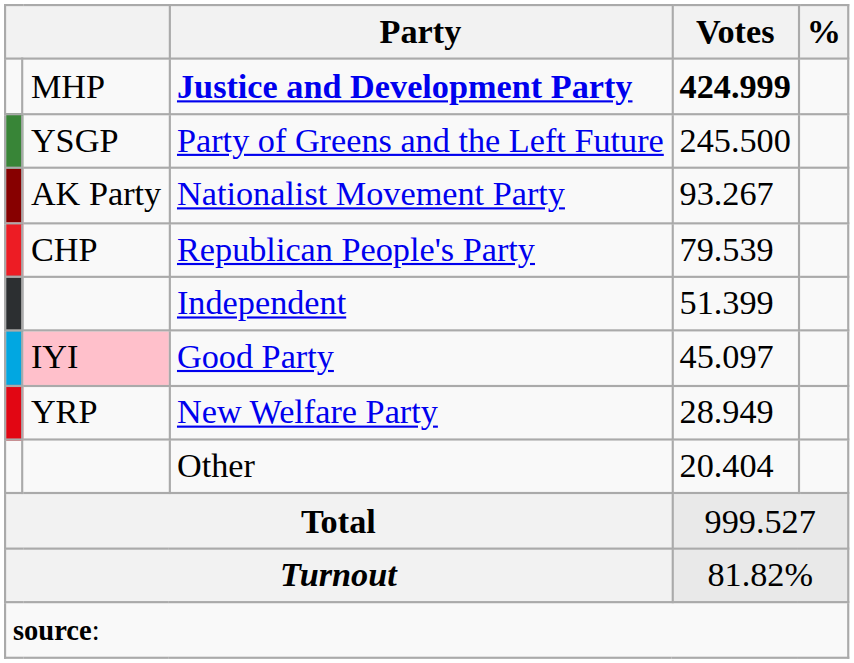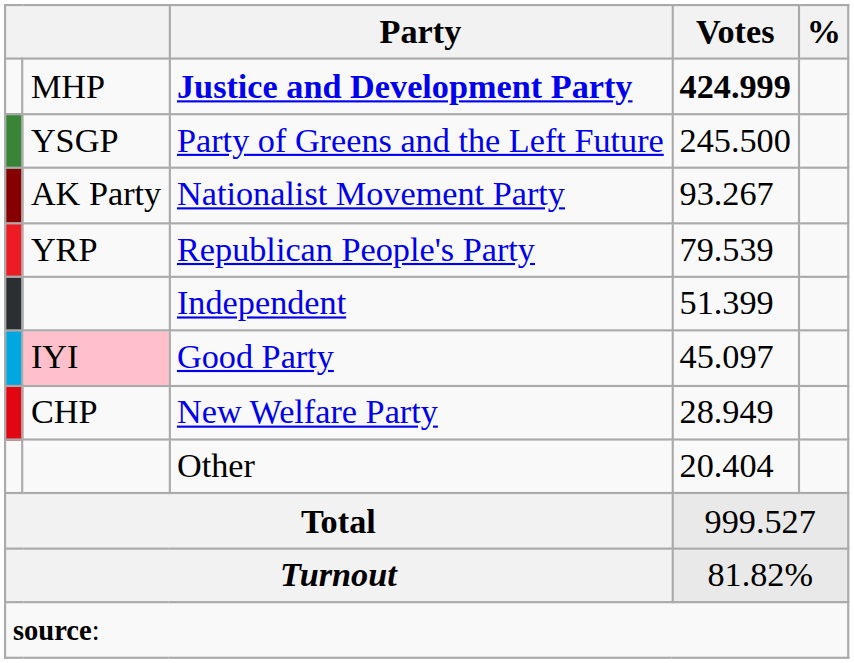 <table class="wikitable">
 <tr>
 <th colspan="2" align="center"></th>
 <th align="center">Party</th>
 <th align="center">Votes</th>
 <th align="center">%</th>
 </tr>
 <tr align="left">
 <td></td>
 <td>MHP</td>
 <td><strong><a href='#'>Justice and Development Party</a></strong></td>
 <td><strong>424.999</strong></td>
 <td><strong></strong></td>
 </tr>
 <tr align="left">
 <td bgcolor="#388537" width="1" data-darkreader-inline-bgcolor=""></td>
 <td>YSGP</td>
 <td><a href='#'>Party of Greens and the Left Future</a></td>
 <td>245.500</td>
 <td></td>
 </tr>
 <tr align="left">
 <td bgcolor="#870000" width="1" data-darkreader-inline-bgcolor=""></td>
 <td>AK Party</td>
 <td><a href='#'>Nationalist Movement Party</a></td>
 <td>93.267</td>
 <td></td>
 </tr>
 <tr align="left">
 <td bgcolor="#ED1C24" width="1" data-darkreader-inline-bgcolor=""></td>
-<td>CHP</td>
+<td>YRP</td>
 <td><a href='#'>Republican People's Party</a></td>
 <td>79.539</td>
 <td></td>
 </tr>
 <tr align="left">
 <td bgcolor="#2c2f31" width="1" data-darkreader-inline-bgcolor=""></td>
 <td></td>
 <td><a href='#'>Independent</a></td>
 <td>51.399</td>
 <td></td>
 </tr>
 <tr align="left">
 <td bgcolor="#01A7E1" width="1" data-darkreader-inline-bgcolor=""></td>
 <td style="background: pink;">IYI</td>
 <td><a href='#'>Good Party</a></td>
 <td>45.097</td>
 <td></td>
 </tr>
 <tr align="left">
 <td bgcolor="#E20613" width="1" data-darkreader-inline-bgcolor=""></td>
-<td>YRP</td>
+<td>CHP</td>
 <td><a href='#'>New Welfare Party</a></td>
 <td>28.949</td>
 <td></td>
 </tr>
 <tr align="left">
 <td bgcolor="" width="1"></td>
 <td></td>
 <td>Other</td>
 <td>20.404</td>
 <td></td>
 </tr>
 <tr align="left" data-darkreader-inline-bgcolor="" style="background-color:#E9E9E9">
 <th colspan="3" align="center"><strong>Total</strong></th>
 <td colspan="5" align="center">999.527</td>
 </tr>
 <tr align="left" data-darkreader-inline-bgcolor="" style="background-color:#E9E9E9">
 <th colspan="3" align="center"><em>Turnout</em></th>
 <td colspan="5" align="center">81.82%</td>
 </tr>
 <tr>
 <td colspan="9" align="left"><small><strong>source</strong>: </small></td>
 </tr>
 </table>
